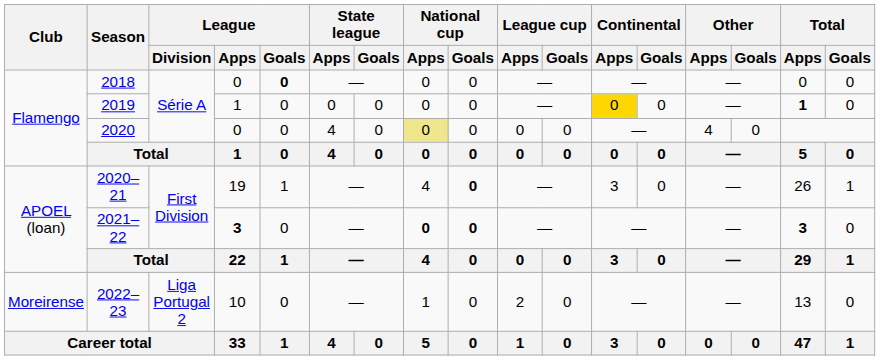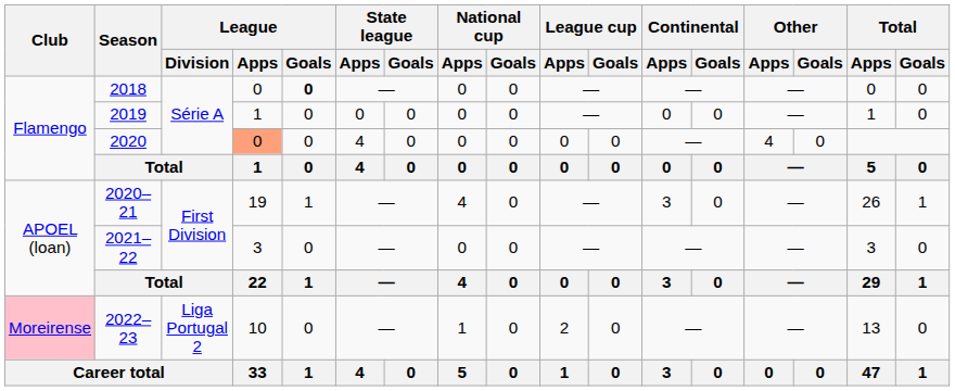 <table class="wikitable" style="text-align: center">
 <tr>
 <th rowspan="2">Club</th>
 <th rowspan="2">Season</th>
 <th colspan="3">League</th>
 <th colspan="2">State league</th>
 <th colspan="2">National cup</th>
 <th colspan="2">League cup</th>
 <th colspan="2">Continental</th>
 <th colspan="2">Other</th>
 <th colspan="2">Total</th>
 </tr>
 <tr>
 <th>Division</th>
 <th>Apps</th>
 <th>Goals</th>
 <th>Apps</th>
 <th>Goals</th>
 <th>Apps</th>
 <th>Goals</th>
 <th>Apps</th>
 <th>Goals</th>
 <th>Apps</th>
 <th>Goals</th>
 <th>Apps</th>
 <th>Goals</th>
 <th>Apps</th>
 <th>Goals</th>
 </tr>
 <tr>
 <td rowspan="4"><a href='#'>Flamengo</a></td>
 <td><a href='#'>2018</a></td>
 <td rowspan="3"><a href='#'>Série A</a></td>
 <td>0</td>
 <td><strong>0</strong></td>
 <td colspan="2">—</td>
 <td>0</td>
 <td>0</td>
 <td colspan="2">—</td>
 <td colspan="2">—</td>
 <td colspan="2">—</td>
 <td>0</td>
 <td>0</td>
 </tr>
 <tr>
 <td><a href='#'>2019</a></td>
 <td>1</td>
 <td>0</td>
 <td>0</td>
 <td>0</td>
 <td>0</td>
 <td>0</td>
 <td colspan="2">—</td>
-<td style="background: gold;">0</td>
+<td>0</td>
 <td>0</td>
 <td colspan="2">—</td>
-<td><strong>1</strong></td>
+<td>1</td>
 <td>0</td>
 </tr>
 <tr>
 <td><a href='#'>2020</a></td>
-<td>0</td>
+<td style="background: lightsalmon;">0</td>
 <td>0</td>
 <td>4</td>
 <td>0</td>
-<td style="background: khaki;">0</td>
+<td>0</td>
 <td>0</td>
 <td>0</td>
 <td>0</td>
 <td colspan="2">—</td>
 <td>4</td>
 <td>0</td>
 </tr>
 <tr>
 <th colspan="2">Total</th>
 <th>1</th>
 <th>0</th>
 <th>4</th>
 <th>0</th>
 <th>0</th>
 <th>0</th>
 <th>0</th>
 <th>0</th>
 <th>0</th>
 <th>0</th>
 <th colspan="2">—</th>
 <th>5</th>
 <th>0</th>
 </tr>
 <tr>
 <td rowspan="3"><a href='#'>APOEL</a> (loan)</td>
 <td><a href='#'>2020–21</a></td>
 <td rowspan="2"><a href='#'>First Division</a></td>
 <td>19</td>
 <td>1</td>
 <td colspan="2">—</td>
 <td>4</td>
-<td><strong>0</strong></td>
+<td>0</td>
 <td colspan="2">—</td>
 <td>3</td>
 <td>0</td>
 <td colspan="2">—</td>
 <td>26</td>
 <td>1</td>
 </tr>
 <tr>
 <td><a href='#'>2021–22</a></td>
-<td><strong>3</strong></td>
+<td>3</td>
 <td>0</td>
 <td colspan="2">—</td>
-<td><strong>0</strong></td>
-<td><strong>0</strong></td>
+<td>0</td>
+<td>0</td>
 <td colspan="2">—</td>
 <td colspan="2">—</td>
 <td colspan="2">—</td>
-<td><strong>3</strong></td>
+<td>3</td>
 <td>0</td>
 </tr>
 <tr>
 <th colspan="2">Total</th>
 <th>22</th>
 <th>1</th>
 <th colspan="2">—</th>
 <th>4</th>
 <th>0</th>
 <th>0</th>
 <th>0</th>
 <th>3</th>
 <th>0</th>
 <th colspan="2">—</th>
 <th>29</th>
 <th>1</th>
 </tr>
 <tr>
-<td rowspan="1"><a href='#'>Moreirense</a></td>
+<td rowspan="1" style="background: pink;"><a href='#'>Moreirense</a></td>
 <td><a href='#'>2022–23</a></td>
 <td rowspan="1"><a href='#'>Liga Portugal 2</a></td>
 <td>10</td>
 <td>0</td>
 <td colspan="2">—</td>
 <td>1</td>
 <td>0</td>
 <td>2</td>
 <td>0</td>
 <td colspan="2">—</td>
 <td colspan="2">—</td>
 <td>13</td>
 <td>0</td>
 </tr>
 <tr>
 <th colspan="3"><strong>Career total</strong></th>
 <th>33</th>
 <th>1</th>
 <th>4</th>
 <th>0</th>
 <th>5</th>
 <th>0</th>
 <th>1</th>
 <th>0</th>
 <th>3</th>
 <th>0</th>
 <th>0</th>
 <th>0</th>
 <th>47</th>
 <th>1</th>
 </tr>
 </table>
